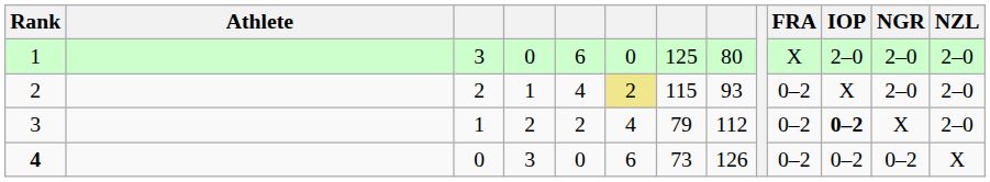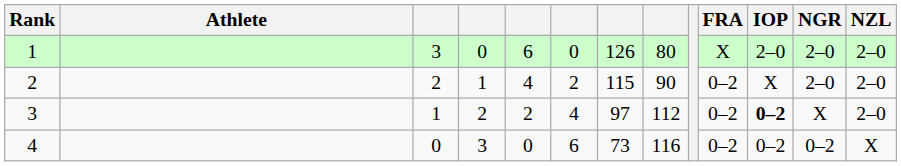 <table class="wikitable" style="text-align:center">
 <tr>
 <th>Rank</th>
 <th width=280>Athlete</th>
 <th width=30></th>
 <th width=30></th>
 <th width=30></th>
 <th width=30></th>
 <th width=30></th>
 <th width=30></th>
 <th rowspan=5></th>
 <th width=30>FRA</th>
 <th width=30>IOP</th>
 <th width=30>NGR</th>
 <th width=30>NZL</th>
 </tr>
 <tr style="background-color:#ccffcc;">
 <td>1</td>
 <td align=left></td>
 <td>3</td>
 <td>0</td>
 <td>6</td>
 <td>0</td>
-<td>125</td>
+<td>126</td>
 <td>80</td>
 <td>X</td>
 <td>2–0</td>
 <td>2–0</td>
 <td>2–0</td>
 </tr>
 <tr>
 <td>2</td>
 <td align=left></td>
 <td>2</td>
 <td>1</td>
 <td>4</td>
-<td style="background: khaki;">2</td>
+<td>2</td>
 <td>115</td>
-<td>93</td>
+<td>90</td>
 <td>0–2</td>
 <td>X</td>
 <td>2–0</td>
 <td>2–0</td>
 </tr>
 <tr>
 <td>3</td>
 <td align=left></td>
 <td>1</td>
 <td>2</td>
 <td>2</td>
 <td>4</td>
-<td>79</td>
+<td>97</td>
 <td>112</td>
 <td>0–2</td>
 <td><strong>0–2</strong></td>
 <td>X</td>
 <td>2–0</td>
 </tr>
 <tr>
-<td><strong>4</strong></td>
+<td>4</td>
 <td align=left></td>
 <td>0</td>
 <td>3</td>
 <td>0</td>
 <td>6</td>
 <td>73</td>
-<td>126</td>
+<td>116</td>
 <td>0–2</td>
 <td>0–2</td>
 <td>0–2</td>
 <td>X</td>
 </tr>
 </table>
